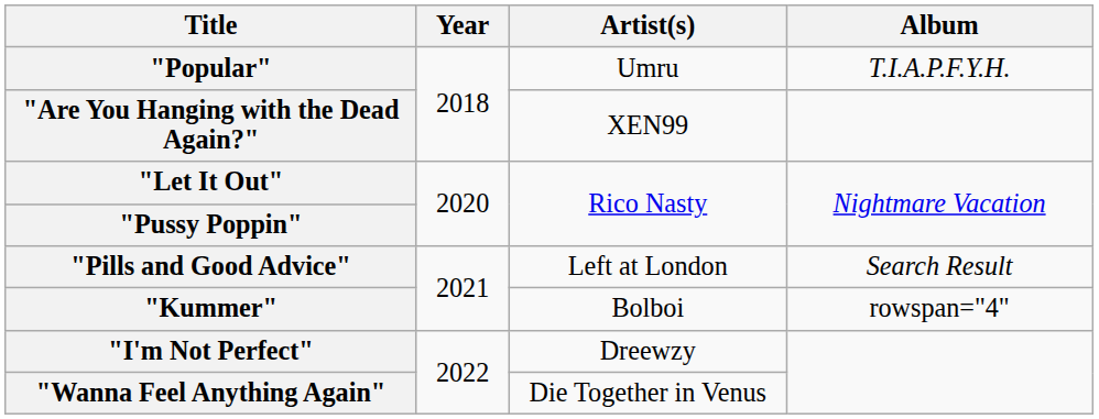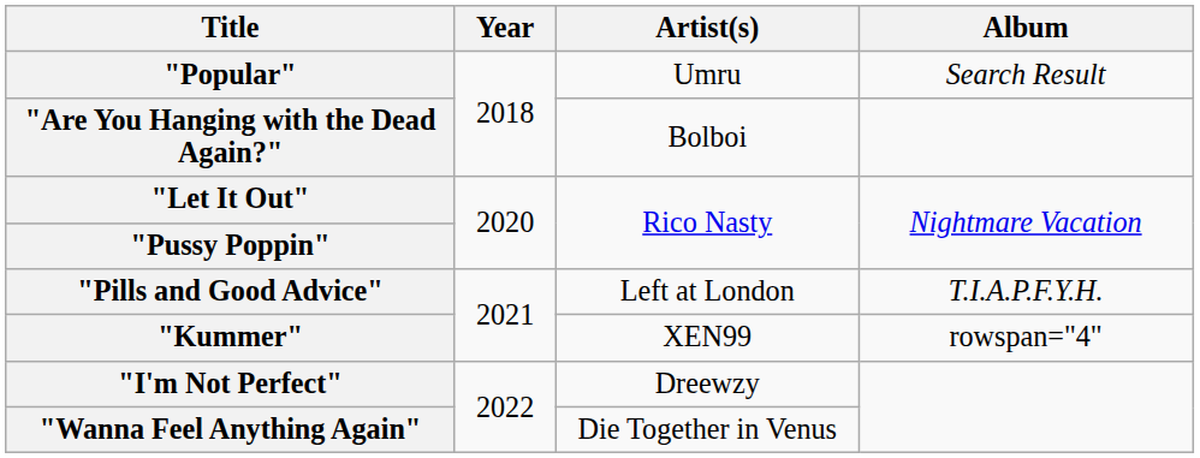 <table class="wikitable plainrowheaders" border="1" style="text-align:center;">
 <tr>
 <th scope="col" style="width:15em;">Title</th>
 <th scope="col" style="width:3em;">Year</th>
 <th scope="col" style="width:10em;">Artist(s)</th>
 <th scope="col" style="width:11em;">Album</th>
 </tr>
 <tr>
 <th scope="row">"Popular"</th>
 <td rowspan="2">2018</td>
 <td>Umru</td>
-<td><em>T.I.A.P.F.Y.H.</em></td>
+<td><em>Search Result</em></td>
 </tr>
 <tr>
 <th scope="row">"Are You Hanging with the Dead Again?"</th>
-<td>XEN99</td>
+<td>Bolboi</td>
 <td></td>
 </tr>
 <tr>
 <th scope="row">"Let It Out"</th>
 <td rowspan="2">2020</td>
 <td rowspan="2"><a href='#'>Rico Nasty</a></td>
 <td rowspan="2"><em><a href='#'>Nightmare Vacation</a></em></td>
 </tr>
 <tr>
 <th scope="row">"Pussy Poppin"</th>
 </tr>
 <tr>
 <th scope="row">"Pills and Good Advice"</th>
 <td rowspan="2">2021</td>
 <td>Left at London</td>
-<td><em>Search Result</em></td>
+<td><em>T.I.A.P.F.Y.H.</em></td>
 </tr>
 <tr>
 <th scope="row">"Kummer"</th>
-<td>Bolboi</td>
+<td>XEN99</td>
 <td>rowspan="4" </td>
 </tr>
 <tr>
 <th scope="row">"I'm Not Perfect"</th>
 <td rowspan="3">2022</td>
 <td>Dreewzy</td>
 </tr>
 <tr>
 <th scope="row">"Wanna Feel Anything Again"</th>
 <td>Die Together in Venus</td>
 </tr>
 </table>
